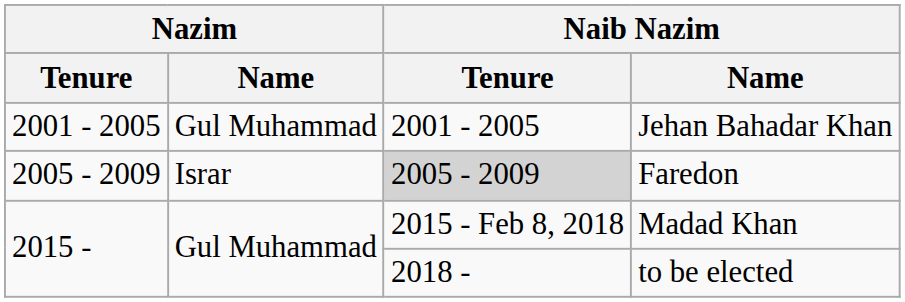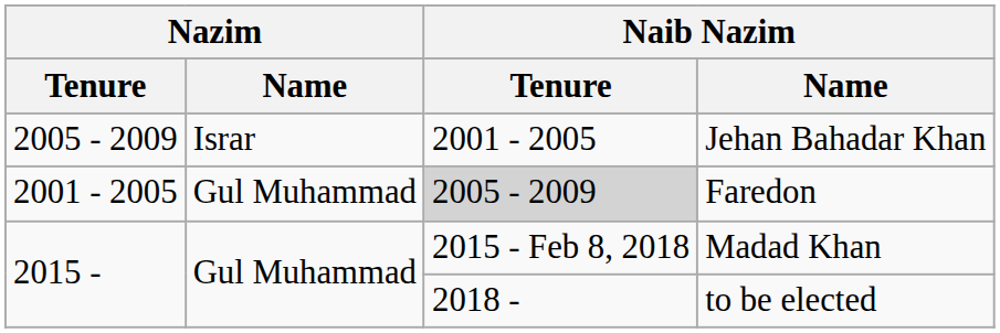 <table class="wikitable sorta">
 <tr>
 <th colspan="2">Nazim</th>
 <th colspan="2">Naib Nazim</th>
 </tr>
 <tr>
 <th>Tenure</th>
 <th>Name</th>
 <th>Tenure</th>
 <th>Name</th>
 </tr>
 <tr>
-<td>2001 - 2005</td>
-<td>Gul Muhammad</td>
+<td>2005 - 2009</td>
+<td>Israr</td>
 <td>2001 - 2005</td>
 <td>Jehan Bahadar Khan</td>
 </tr>
 <tr>
-<td>2005 - 2009</td>
-<td>Israr</td>
+<td>2001 - 2005</td>
+<td>Gul Muhammad</td>
 <td style="background: lightgrey;">2005 - 2009</td>
 <td>Faredon</td>
 </tr>
 <tr>
 <td rowspan="2">2015 -</td>
 <td rowspan="2">Gul Muhammad</td>
 <td>2015 - Feb 8, 2018</td>
 <td>Madad Khan</td>
 </tr>
 <tr>
 <td>2018 -</td>
 <td>to be elected</td>
 </tr>
 </table>
